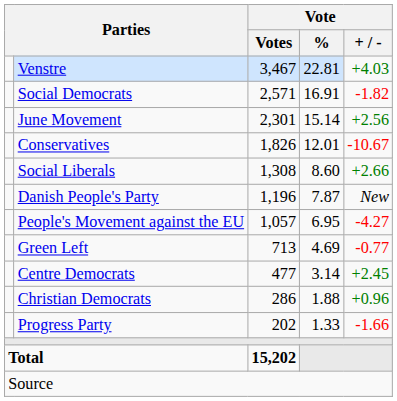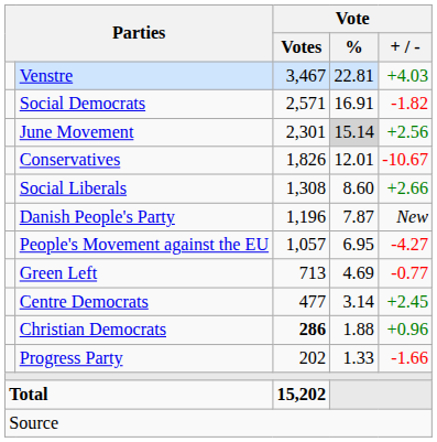 <table class="wikitable" style="text-align:right;">
 <tr>
 <th style="text-align:centre;" rowspan="2" colspan="2" width="225">Parties</th>
 <th colspan="3">Vote</th>
 </tr>
 <tr>
 <th width="15">Votes</th>
 <th width="15">%</th>
 <th width="15">+ / -</th>
 </tr>
 <tr>
 <td width="2" style="color:inherit;background:"></td>
 <td bgcolor=#cfe5fe   align="left"><a href='#'>Venstre</a></td>
 <td bgcolor=#cfe5fe>3,467</td>
 <td bgcolor=#cfe5fe>22.81</td>
 <td style=color:green;>+4.03</td>
 </tr>
 <tr>
 <td width="2" style="color:inherit;background:"></td>
 <td align="left"><a href='#'>Social Democrats</a></td>
 <td>2,571</td>
 <td>16.91</td>
 <td style=color:red;>-1.82</td>
 </tr>
 <tr>
 <td width="2" style="color:inherit;background:"></td>
 <td align="left"><a href='#'>June Movement</a></td>
 <td>2,301</td>
-<td>15.14</td>
+<td style="background: lightgrey;">15.14</td>
 <td style=color:green;>+2.56</td>
 </tr>
 <tr>
 <td width="2" style="color:inherit;background:"></td>
 <td align="left"><a href='#'>Conservatives</a></td>
 <td>1,826</td>
 <td>12.01</td>
 <td style=color:red;>-10.67</td>
 </tr>
 <tr>
 <td width="2" style="color:inherit;background:"></td>
 <td align="left"><a href='#'>Social Liberals</a></td>
 <td>1,308</td>
 <td>8.60</td>
 <td style=color:green;>+2.66</td>
 </tr>
 <tr>
 <td width="2" style="color:inherit;background:"></td>
 <td align="left"><a href='#'>Danish People's Party</a></td>
 <td>1,196</td>
 <td>7.87</td>
 <td><em>New</em></td>
 </tr>
 <tr>
 <td width="2" style="color:inherit;background:"></td>
 <td align="left"><a href='#'>People's Movement against the EU</a></td>
 <td>1,057</td>
 <td>6.95</td>
 <td style=color:red;>-4.27</td>
 </tr>
 <tr>
 <td width="2" style="color:inherit;background:"></td>
 <td align="left"><a href='#'>Green Left</a></td>
 <td>713</td>
 <td>4.69</td>
 <td style=color:red;>-0.77</td>
 </tr>
 <tr>
 <td width="2" style="color:inherit;background:"></td>
 <td align="left"><a href='#'>Centre Democrats</a></td>
 <td>477</td>
 <td>3.14</td>
 <td style=color:green;>+2.45</td>
 </tr>
 <tr>
 <td width="2" style="color:inherit;background:"></td>
 <td align="left"><a href='#'>Christian Democrats</a></td>
-<td>286</td>
+<td><strong>286</strong></td>
 <td>1.88</td>
 <td style=color:green;>+0.96</td>
 </tr>
 <tr>
 <td width="2" style="color:inherit;background:"></td>
 <td align="left"><a href='#'>Progress Party</a></td>
 <td>202</td>
 <td>1.33</td>
 <td style=color:red;>-1.66</td>
 </tr>
 <tr>
 <td colspan="7" bgcolor="#E9E9E9"></td>
 </tr>
 <tr>
 <td align="left" colspan="2"><strong>Total</strong></td>
 <td><strong>15,202</strong></td>
 <td bgcolor="#E9E9E9" colspan="2"></td>
 </tr>
 <tr>
 <td align="left" colspan="6">Source</td>
 </tr>
 </table>
